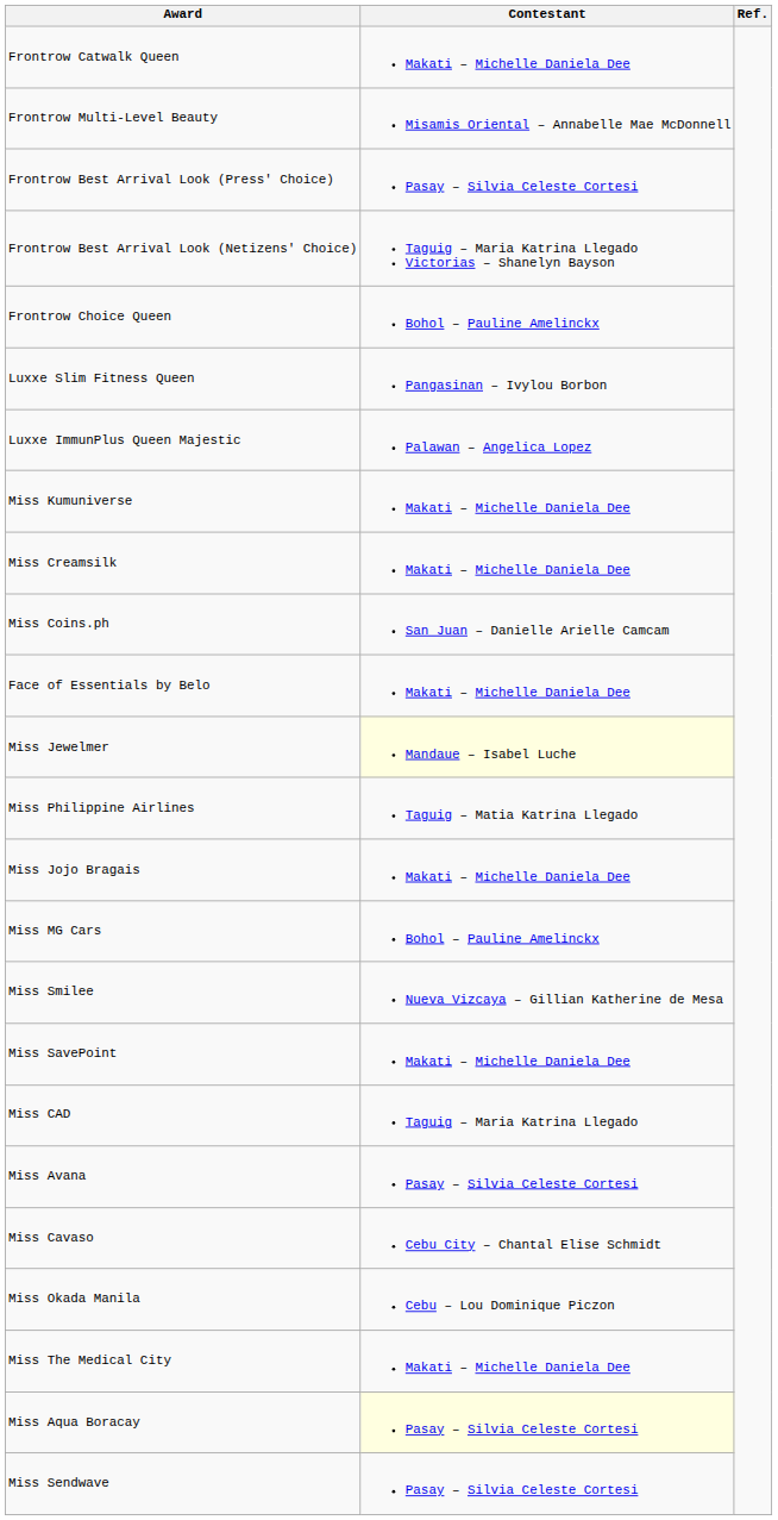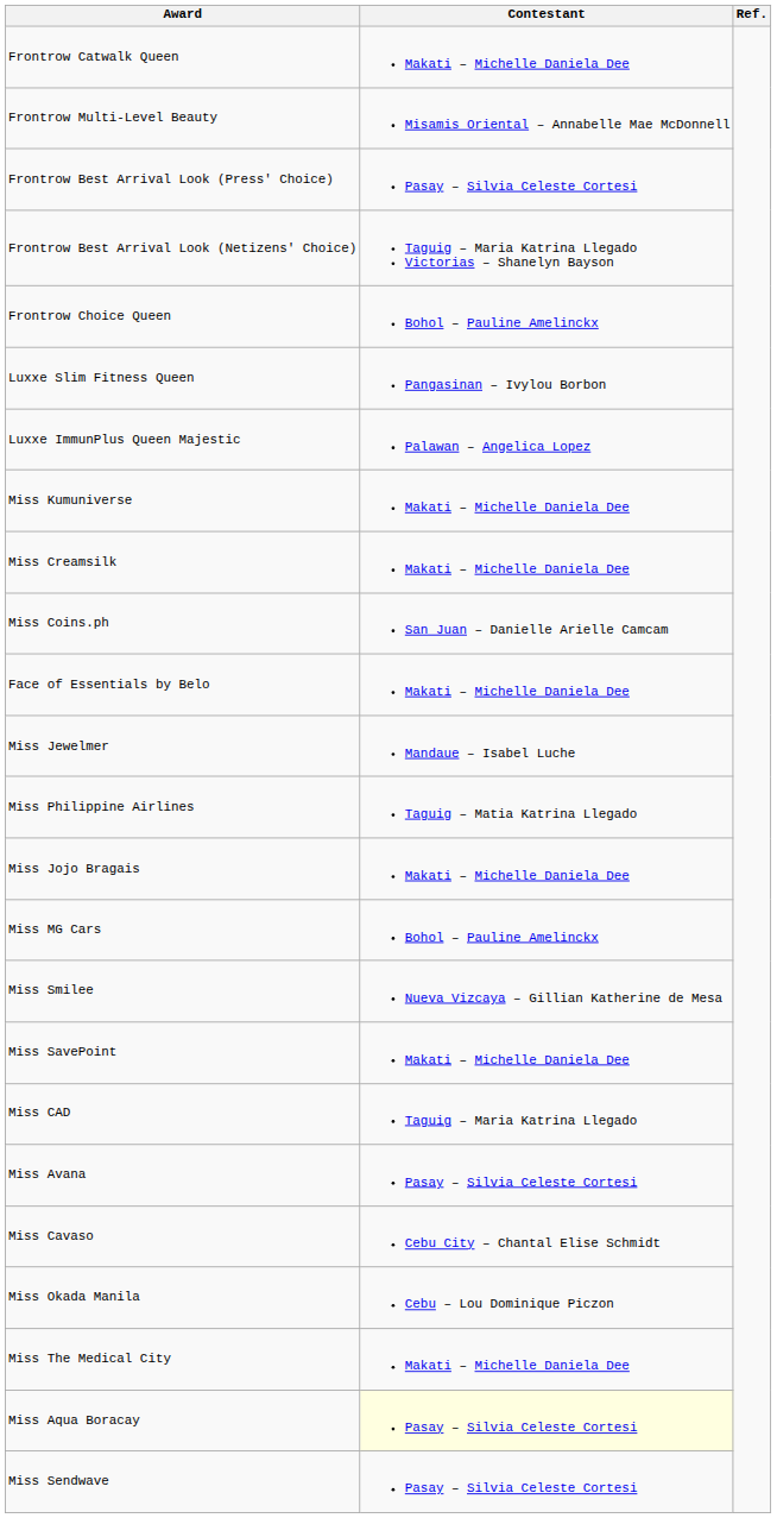 <table class="wikitable sortable" style="font-size: 95%;">
 <tr>
 <th>Award</th>
 <th>Contestant</th>
 <th>Ref.</th>
 </tr>
 <tr>
 <td>Frontrow Catwalk Queen</td>
 <td><br><ul><li><a href='#'>Makati</a> – <a href='#'>Michelle Daniela Dee</a></li></ul></td>
 <td rowspan="24"><br><br><br><br><br></td>
 </tr>
 <tr>
 <td>Frontrow Multi-Level Beauty</td>
 <td><br><ul><li><a href='#'>Misamis Oriental</a> – Annabelle Mae McDonnell</li></ul></td>
 </tr>
 <tr>
 <td>Frontrow Best Arrival Look (Press' Choice)</td>
 <td><br><ul><li><a href='#'>Pasay</a> – <a href='#'>Silvia Celeste Cortesi</a></li></ul></td>
 </tr>
 <tr>
 <td>Frontrow Best Arrival Look (Netizens' Choice)</td>
 <td><br><ul><li><a href='#'>Taguig</a> – Maria Katrina Llegado</li><li><a href='#'>Victorias</a> – Shanelyn Bayson</li></ul></td>
 </tr>
 <tr>
 <td>Frontrow Choice Queen</td>
 <td><br><ul><li><a href='#'>Bohol</a> – <a href='#'>Pauline Amelinckx</a></li></ul></td>
 </tr>
 <tr>
 <td>Luxxe Slim Fitness Queen</td>
 <td><br><ul><li><a href='#'>Pangasinan</a> – Ivylou Borbon</li></ul></td>
 </tr>
 <tr>
 <td>Luxxe ImmunPlus Queen Majestic</td>
 <td><br><ul><li><a href='#'>Palawan</a> – <a href='#'>Angelica Lopez</a></li></ul></td>
 </tr>
 <tr>
 <td>Miss Kumuniverse</td>
 <td><br><ul><li><a href='#'>Makati</a> – <a href='#'>Michelle Daniela Dee</a></li></ul></td>
 </tr>
 <tr>
 <td>Miss Creamsilk</td>
 <td><br><ul><li><a href='#'>Makati</a> – <a href='#'>Michelle Daniela Dee</a></li></ul></td>
 </tr>
 <tr>
 <td>Miss Coins.ph</td>
 <td><br><ul><li><a href='#'>San Juan</a> – Danielle Arielle Camcam</li></ul></td>
 </tr>
 <tr>
 <td>Face of Essentials by Belo</td>
 <td><br><ul><li><a href='#'>Makati</a> – <a href='#'>Michelle Daniela Dee</a></li></ul></td>
 </tr>
 <tr>
 <td>Miss Jewelmer</td>
-<td style="background: lightyellow;"><br><ul><li><a href='#'>Mandaue</a> – Isabel Luche</li></ul></td>
+<td><br><ul><li><a href='#'>Mandaue</a> – Isabel Luche</li></ul></td>
 </tr>
 <tr>
 <td>Miss Philippine Airlines</td>
 <td><br><ul><li><a href='#'>Taguig</a> – Matia Katrina Llegado</li></ul></td>
 </tr>
 <tr>
 <td>Miss Jojo Bragais</td>
 <td><br><ul><li><a href='#'>Makati</a> – <a href='#'>Michelle Daniela Dee</a></li></ul></td>
 </tr>
 <tr>
 <td>Miss MG Cars</td>
 <td><br><ul><li><a href='#'>Bohol</a> – <a href='#'>Pauline Amelinckx</a></li></ul></td>
 </tr>
 <tr>
 <td>Miss Smilee</td>
 <td><br><ul><li><a href='#'>Nueva Vizcaya</a> – Gillian Katherine de Mesa</li></ul></td>
 </tr>
 <tr>
 <td>Miss SavePoint</td>
 <td><br><ul><li><a href='#'>Makati</a> – <a href='#'>Michelle Daniela Dee</a></li></ul></td>
 </tr>
 <tr>
 <td>Miss CAD</td>
 <td><br><ul><li><a href='#'>Taguig</a> – Maria Katrina Llegado</li></ul></td>
 </tr>
 <tr>
 <td>Miss Avana</td>
 <td><br><ul><li><a href='#'>Pasay</a> – <a href='#'>Silvia Celeste Cortesi</a></li></ul></td>
 </tr>
 <tr>
 <td>Miss Cavaso</td>
 <td><br><ul><li><a href='#'>Cebu City</a> – Chantal Elise Schmidt</li></ul></td>
 </tr>
 <tr>
 <td>Miss Okada Manila</td>
 <td><br><ul><li><a href='#'>Cebu</a> – Lou Dominique Piczon</li></ul></td>
 </tr>
 <tr>
 <td>Miss The Medical City</td>
 <td><br><ul><li><a href='#'>Makati</a> – <a href='#'>Michelle Daniela Dee</a></li></ul></td>
 </tr>
 <tr>
 <td>Miss Aqua Boracay</td>
 <td style="background: lightyellow;"><br><ul><li><a href='#'>Pasay</a> – <a href='#'>Silvia Celeste Cortesi</a></li></ul></td>
 </tr>
 <tr>
 <td>Miss Sendwave</td>
 <td><br><ul><li><a href='#'>Pasay</a> – <a href='#'>Silvia Celeste Cortesi</a></li></ul></td>
 </tr>
 </table>
